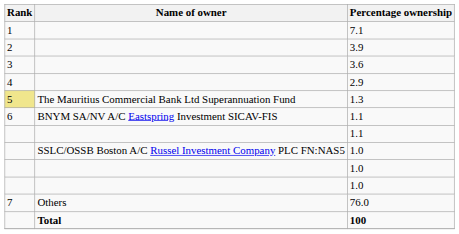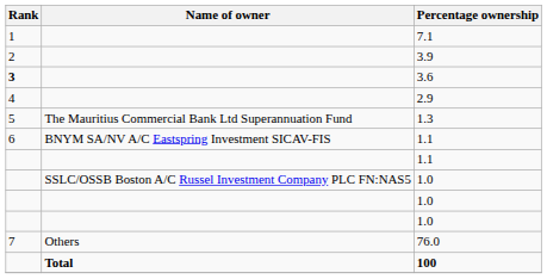 <table class="wikitable sortable" style="margin-left:auto;margin-right:auto">
 <tr>
 <th style="width:2em;">Rank</th>
 <th>Name of owner</th>
 <th>Percentage ownership</th>
 </tr>
 <tr>
 <td>1</td>
 <td></td>
 <td>7.1</td>
 </tr>
 <tr>
 <td>2</td>
 <td></td>
 <td>3.9</td>
 </tr>
 <tr>
-<td>3</td>
+<td><strong>3</strong></td>
 <td></td>
 <td>3.6</td>
 </tr>
 <tr>
 <td>4</td>
 <td></td>
 <td>2.9</td>
 </tr>
 <tr>
-<td style="background: khaki;">5</td>
+<td>5</td>
 <td>The Mauritius Commercial Bank Ltd Superannuation Fund</td>
 <td>1.3</td>
 </tr>
 <tr>
 <td>6</td>
 <td>BNYM SA/NV A/C <a href='#'>Eastspring</a> Investment SICAV-FIS</td>
 <td>1.1</td>
 </tr>
 <tr>
 <td></td>
 <td></td>
 <td>1.1</td>
 </tr>
 <tr>
 <td></td>
 <td>SSLC/OSSB Boston A/C <a href='#'>Russel Investment Company</a> PLC FN:NAS5</td>
 <td>1.0</td>
 </tr>
 <tr>
 <td></td>
 <td></td>
 <td>1.0</td>
 </tr>
 <tr>
 <td></td>
 <td></td>
 <td>1.0</td>
 </tr>
 <tr>
 <td>7</td>
 <td>Others</td>
 <td>76.0</td>
 </tr>
 <tr>
 <td></td>
 <td><strong>Total</strong></td>
 <td><strong>100</strong></td>
 </tr>
 <tr>
 </tr>
 </table>
